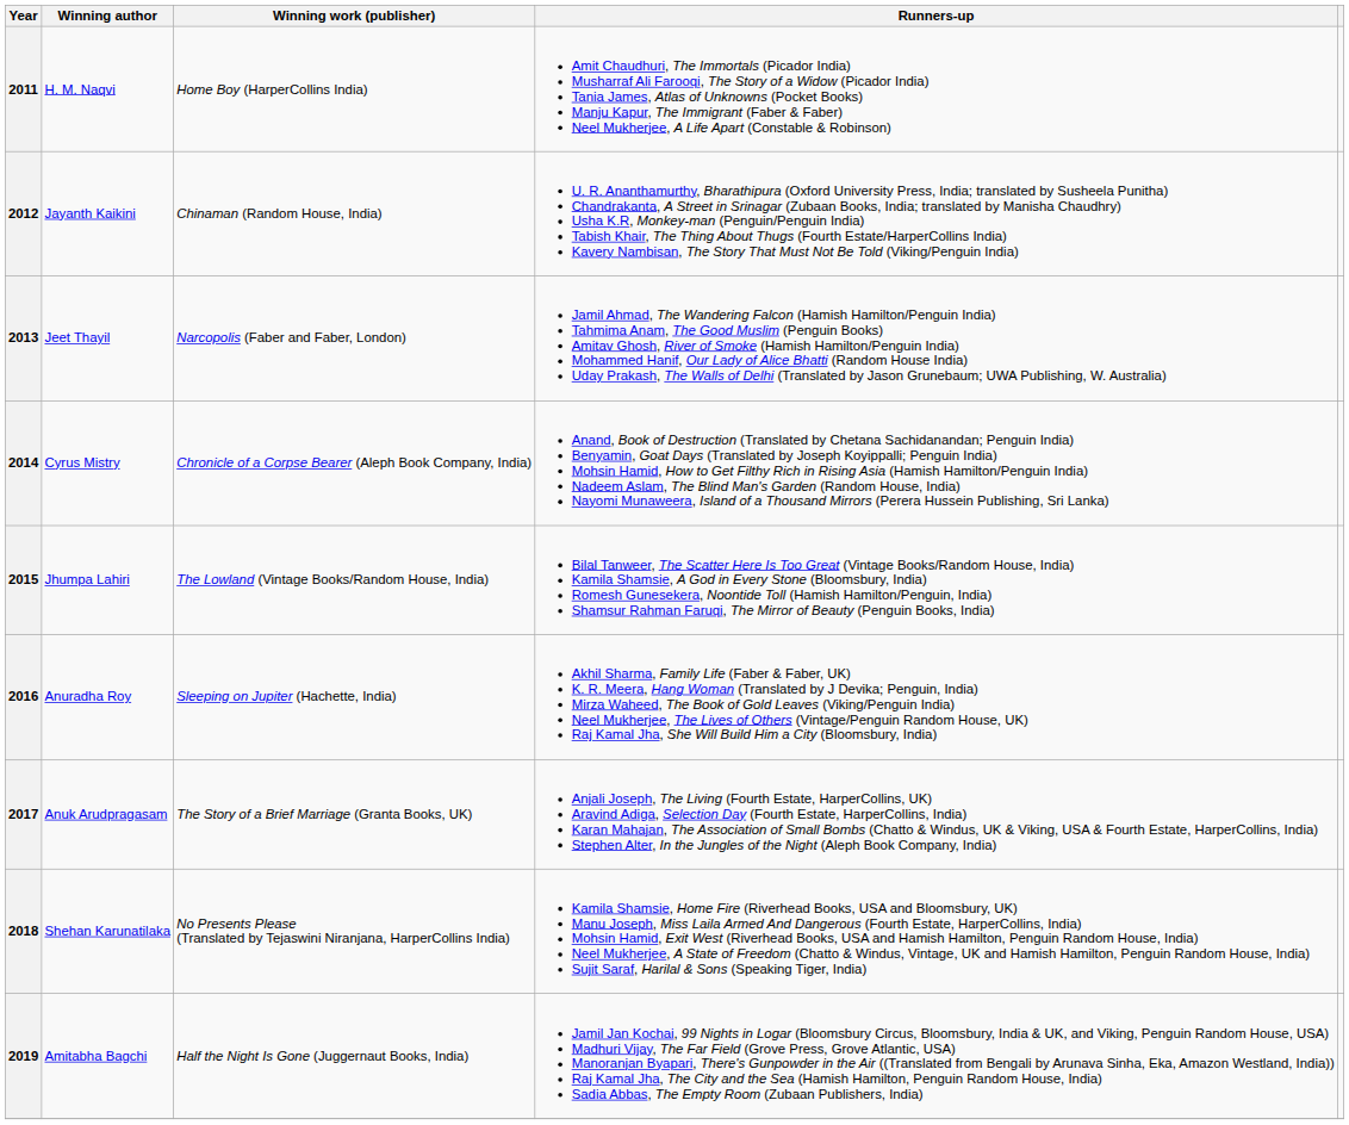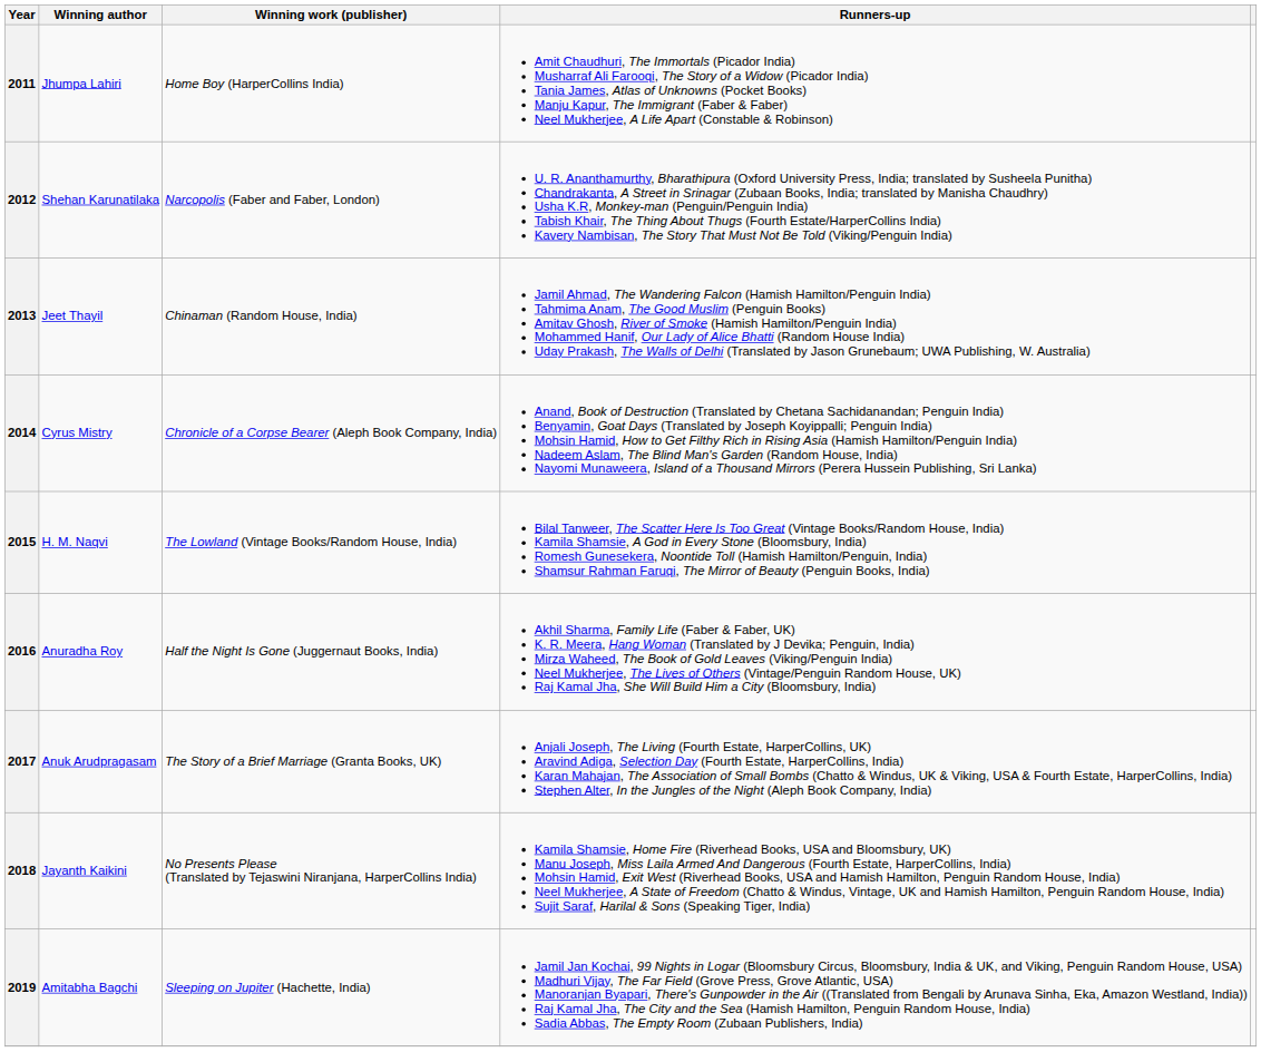 <table class="wikitable">
 <tr>
 <th scope="col">Year</th>
 <th scope="col">Winning author</th>
 <th scope="col">Winning work (publisher)</th>
 <th scope="col">Runners-up</th>
 <th scope="col"></th>
 </tr>
 <tr>
 <th scope="row">2011</th>
-<td><a href='#'>H. M. Naqvi</a></td>
+<td><a href='#'>Jhumpa Lahiri</a></td>
 <td><em>Home Boy</em> (HarperCollins India)</td>
 <td><br><ul><li><a href='#'>Amit Chaudhuri</a>, <em>The Immortals</em> (Picador India)</li><li><a href='#'>Musharraf Ali Farooqi</a>, <em>The Story of a Widow</em> (Picador India)</li><li><a href='#'>Tania James</a>, <em>Atlas of Unknowns</em> (Pocket Books)</li><li><a href='#'>Manju Kapur</a>, <em>The Immigrant</em> (Faber & Faber)</li><li><a href='#'>Neel Mukherjee</a>, <em>A Life Apart</em> (Constable & Robinson)</li></ul></td>
 <td></td>
 </tr>
 <tr>
 <th scope="row">2012</th>
-<td><a href='#'>Jayanth Kaikini</a></td>
-<td><em>Chinaman</em> (Random House, India)</td>
+<td><a href='#'>Shehan Karunatilaka</a></td>
+<td><em><a href='#'>Narcopolis</a></em> (Faber and Faber, London)</td>
 <td><br><ul><li><a href='#'>U. R. Ananthamurthy</a>, <em>Bharathipura</em> (Oxford University Press, India; translated by Susheela Punitha)</li><li><a href='#'>Chandrakanta</a>, <em>A Street in Srinagar</em> (Zubaan Books, India; translated by Manisha Chaudhry)</li><li><a href='#'>Usha K.R</a>, <em>Monkey-man</em> (Penguin/Penguin India)</li><li><a href='#'>Tabish Khair</a>, <em>The Thing About Thugs</em> (Fourth Estate/HarperCollins India)</li><li><a href='#'>Kavery Nambisan</a>, <em>The Story That Must Not Be Told</em> (Viking/Penguin India)</li></ul></td>
 <td></td>
 </tr>
 <tr>
 <th scope="row">2013</th>
 <td><a href='#'>Jeet Thayil</a></td>
-<td><em><a href='#'>Narcopolis</a></em> (Faber and Faber, London)</td>
+<td><em>Chinaman</em> (Random House, India)</td>
 <td><br><ul><li><a href='#'>Jamil Ahmad</a>, <em>The Wandering Falcon</em> (Hamish Hamilton/Penguin India)</li><li><a href='#'>Tahmima Anam</a>, <em><a href='#'>The Good Muslim</a></em> (Penguin Books)</li><li><a href='#'>Amitav Ghosh</a>, <em><a href='#'>River of Smoke</a></em> (Hamish Hamilton/Penguin India)</li><li><a href='#'>Mohammed Hanif</a>, <em><a href='#'>Our Lady of Alice Bhatti</a></em> (Random House India)</li><li><a href='#'>Uday Prakash</a>, <em><a href='#'>The Walls of Delhi</a></em> (Translated by Jason Grunebaum; UWA Publishing, W. Australia)</li></ul></td>
 <td></td>
 </tr>
 <tr>
 <th scope="row">2014</th>
 <td><a href='#'>Cyrus Mistry</a></td>
 <td><em><a href='#'>Chronicle of a Corpse Bearer</a></em> (Aleph Book Company, India)</td>
 <td><br><ul><li><a href='#'>Anand</a>, <em>Book of Destruction</em> (Translated by Chetana Sachidanandan; Penguin India)</li><li><a href='#'>Benyamin</a>,  <em>Goat Days</em> (Translated by Joseph Koyippalli; Penguin India)</li><li><a href='#'>Mohsin Hamid</a>, <em>How to Get Filthy Rich in Rising Asia</em> (Hamish Hamilton/Penguin India)</li><li><a href='#'>Nadeem Aslam</a>, <em>The Blind Man's Garden</em> (Random House, India)</li><li><a href='#'>Nayomi Munaweera</a>, <em>Island of a Thousand Mirrors</em> (Perera Hussein Publishing, Sri Lanka)</li></ul></td>
 <td></td>
 </tr>
 <tr>
 <th scope="row">2015</th>
-<td><a href='#'>Jhumpa Lahiri</a></td>
+<td><a href='#'>H. M. Naqvi</a></td>
 <td><em><a href='#'>The Lowland</a></em> (Vintage Books/Random House, India)</td>
 <td><br><ul><li><a href='#'>Bilal Tanweer</a>, <em><a href='#'>The Scatter Here Is Too Great</a></em> (Vintage Books/Random House, India)</li><li><a href='#'>Kamila Shamsie</a>, <em>A God in Every Stone</em> (Bloomsbury, India)</li><li><a href='#'>Romesh Gunesekera</a>, <em>Noontide Toll</em> (Hamish Hamilton/Penguin, India)</li><li><a href='#'>Shamsur Rahman Faruqi</a>, <em>The Mirror of Beauty</em> (Penguin Books, India)</li></ul></td>
 <td></td>
 </tr>
 <tr>
 <th scope="row">2016</th>
 <td><a href='#'>Anuradha Roy</a></td>
-<td><em><a href='#'>Sleeping on Jupiter</a></em> (Hachette, India)</td>
+<td><em>Half the Night Is Gone</em> (Juggernaut Books, India)</td>
 <td><br><ul><li><a href='#'>Akhil Sharma</a>, <em>Family Life</em> (Faber & Faber, UK)</li><li><a href='#'>K. R. Meera</a>, <em><a href='#'>Hang Woman</a></em> (Translated by J Devika; Penguin, India)</li><li><a href='#'>Mirza Waheed</a>, <em>The Book of Gold Leaves</em> (Viking/Penguin India)</li><li><a href='#'>Neel Mukherjee</a>, <em><a href='#'>The Lives of Others</a></em> (Vintage/Penguin Random House, UK)</li><li><a href='#'>Raj Kamal Jha</a>, <em>She Will Build Him a City</em> (Bloomsbury, India)</li></ul></td>
 <td></td>
 </tr>
 <tr>
 <th scope="row">2017</th>
 <td><a href='#'>Anuk Arudpragasam</a></td>
 <td><em>The Story of a Brief Marriage</em> (Granta Books, UK)</td>
 <td><br><ul><li><a href='#'>Anjali Joseph</a>, <em>The Living</em> (Fourth Estate, HarperCollins, UK)</li><li><a href='#'>Aravind Adiga</a>, <em><a href='#'>Selection Day</a></em> (Fourth Estate, HarperCollins, India)</li><li><a href='#'>Karan Mahajan</a>, <em>The Association of Small Bombs</em> (Chatto & Windus, UK & Viking, USA & Fourth Estate, HarperCollins, India)</li><li><a href='#'>Stephen Alter</a>, <em>In the Jungles of the Night</em> (Aleph Book Company, India)</li></ul></td>
 <td></td>
 </tr>
 <tr>
 <th scope="row">2018</th>
-<td><a href='#'>Shehan Karunatilaka</a></td>
+<td><a href='#'>Jayanth Kaikini</a></td>
 <td><em>No Presents Please</em><br>(Translated by Tejaswini Niranjana, HarperCollins India)</td>
 <td><br><ul><li><a href='#'>Kamila Shamsie</a>, <em>Home Fire</em> (Riverhead Books, USA and Bloomsbury, UK)</li><li><a href='#'>Manu Joseph</a>, <em>Miss Laila Armed And Dangerous</em> (Fourth Estate, HarperCollins, India)</li><li><a href='#'>Mohsin Hamid</a>, <em>Exit West</em> (Riverhead Books, USA and Hamish Hamilton, Penguin Random House, India)</li><li><a href='#'>Neel Mukherjee</a>, <em>A State of Freedom</em> (Chatto & Windus, Vintage, UK and Hamish Hamilton, Penguin Random House, India)</li><li><a href='#'>Sujit Saraf</a>, <em>Harilal & Sons</em> (Speaking Tiger, India)</li></ul></td>
 <td></td>
 </tr>
 <tr>
 <th scope="row">2019</th>
 <td><a href='#'>Amitabha Bagchi</a></td>
-<td><em>Half the Night Is Gone</em> (Juggernaut Books, India)</td>
+<td><em><a href='#'>Sleeping on Jupiter</a></em> (Hachette, India)</td>
 <td><br><ul><li><a href='#'>Jamil Jan Kochai</a>, <em>99 Nights in Logar</em> (Bloomsbury Circus, Bloomsbury, India & UK, and Viking, Penguin Random House, USA)</li><li><a href='#'>Madhuri Vijay</a>, <em>The Far Field</em> (Grove Press, Grove Atlantic, USA)</li><li><a href='#'>Manoranjan Byapari</a>, <em>There's Gunpowder in the Air</em> ((Translated from Bengali by Arunava Sinha, Eka, Amazon Westland, India))</li><li><a href='#'>Raj Kamal Jha</a>, <em>The City and the Sea</em> (Hamish Hamilton, Penguin Random House, India)</li><li><a href='#'>Sadia Abbas</a>, <em>The Empty Room</em> (Zubaan Publishers, India)</li></ul></td>
 <td></td>
 </tr>
 <tr>
 </tr>
 </table>
